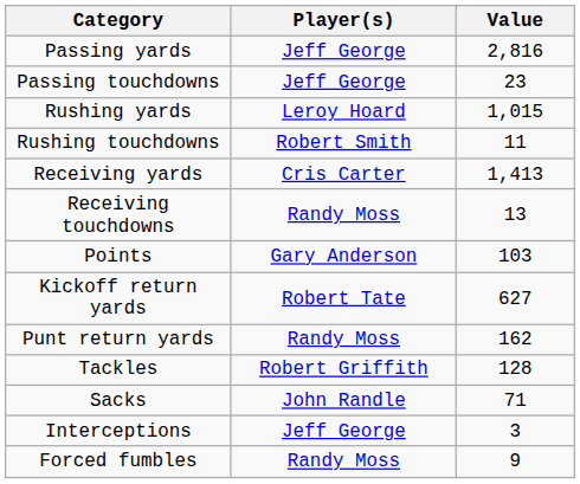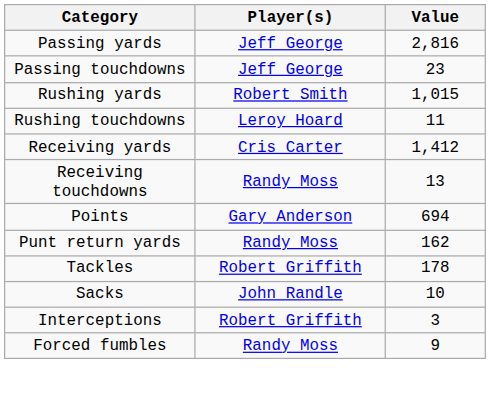 <table class="wikitable" style="text-align:center">
 <tr>
 <th width=150px>Category</th>
 <th width=150px>Player(s)</th>
 <th width=75px>Value</th>
 </tr>
 <tr>
 <td>Passing yards</td>
 <td><a href='#'>Jeff George</a></td>
 <td>2,816</td>
 </tr>
 <tr>
 <td>Passing touchdowns</td>
 <td><a href='#'>Jeff George</a></td>
 <td>23</td>
 </tr>
 <tr>
 <td>Rushing yards</td>
-<td><a href='#'>Leroy Hoard</a></td>
+<td><a href='#'>Robert Smith</a></td>
 <td>1,015</td>
 </tr>
 <tr>
 <td>Rushing touchdowns</td>
-<td><a href='#'>Robert Smith</a></td>
+<td><a href='#'>Leroy Hoard</a></td>
 <td>11</td>
 </tr>
 <tr>
 <td>Receiving yards</td>
 <td><a href='#'>Cris Carter</a></td>
-<td>1,413</td>
+<td>1,412</td>
 </tr>
 <tr>
 <td>Receiving touchdowns</td>
 <td><a href='#'>Randy Moss</a></td>
 <td>13</td>
 </tr>
 <tr>
 <td>Points</td>
 <td><a href='#'>Gary Anderson</a></td>
-<td>103</td>
-</tr>
-<tr>
-<td>Kickoff return yards</td>
-<td><a href='#'>Robert Tate</a></td>
-<td>627</td>
+<td>694</td>
 </tr>
 <tr>
 <td>Punt return yards</td>
 <td><a href='#'>Randy Moss</a></td>
 <td>162</td>
 </tr>
 <tr>
 <td>Tackles</td>
 <td><a href='#'>Robert Griffith</a></td>
-<td>128</td>
+<td>178</td>
 </tr>
 <tr>
 <td>Sacks</td>
 <td><a href='#'>John Randle</a></td>
-<td>71</td>
+<td>10</td>
 </tr>
 <tr>
 <td>Interceptions</td>
-<td><a href='#'>Jeff George</a></td>
+<td><a href='#'>Robert Griffith</a></td>
 <td>3</td>
 </tr>
 <tr>
 <td>Forced fumbles</td>
 <td><a href='#'>Randy Moss</a></td>
 <td>9</td>
 </tr>
 </table>
